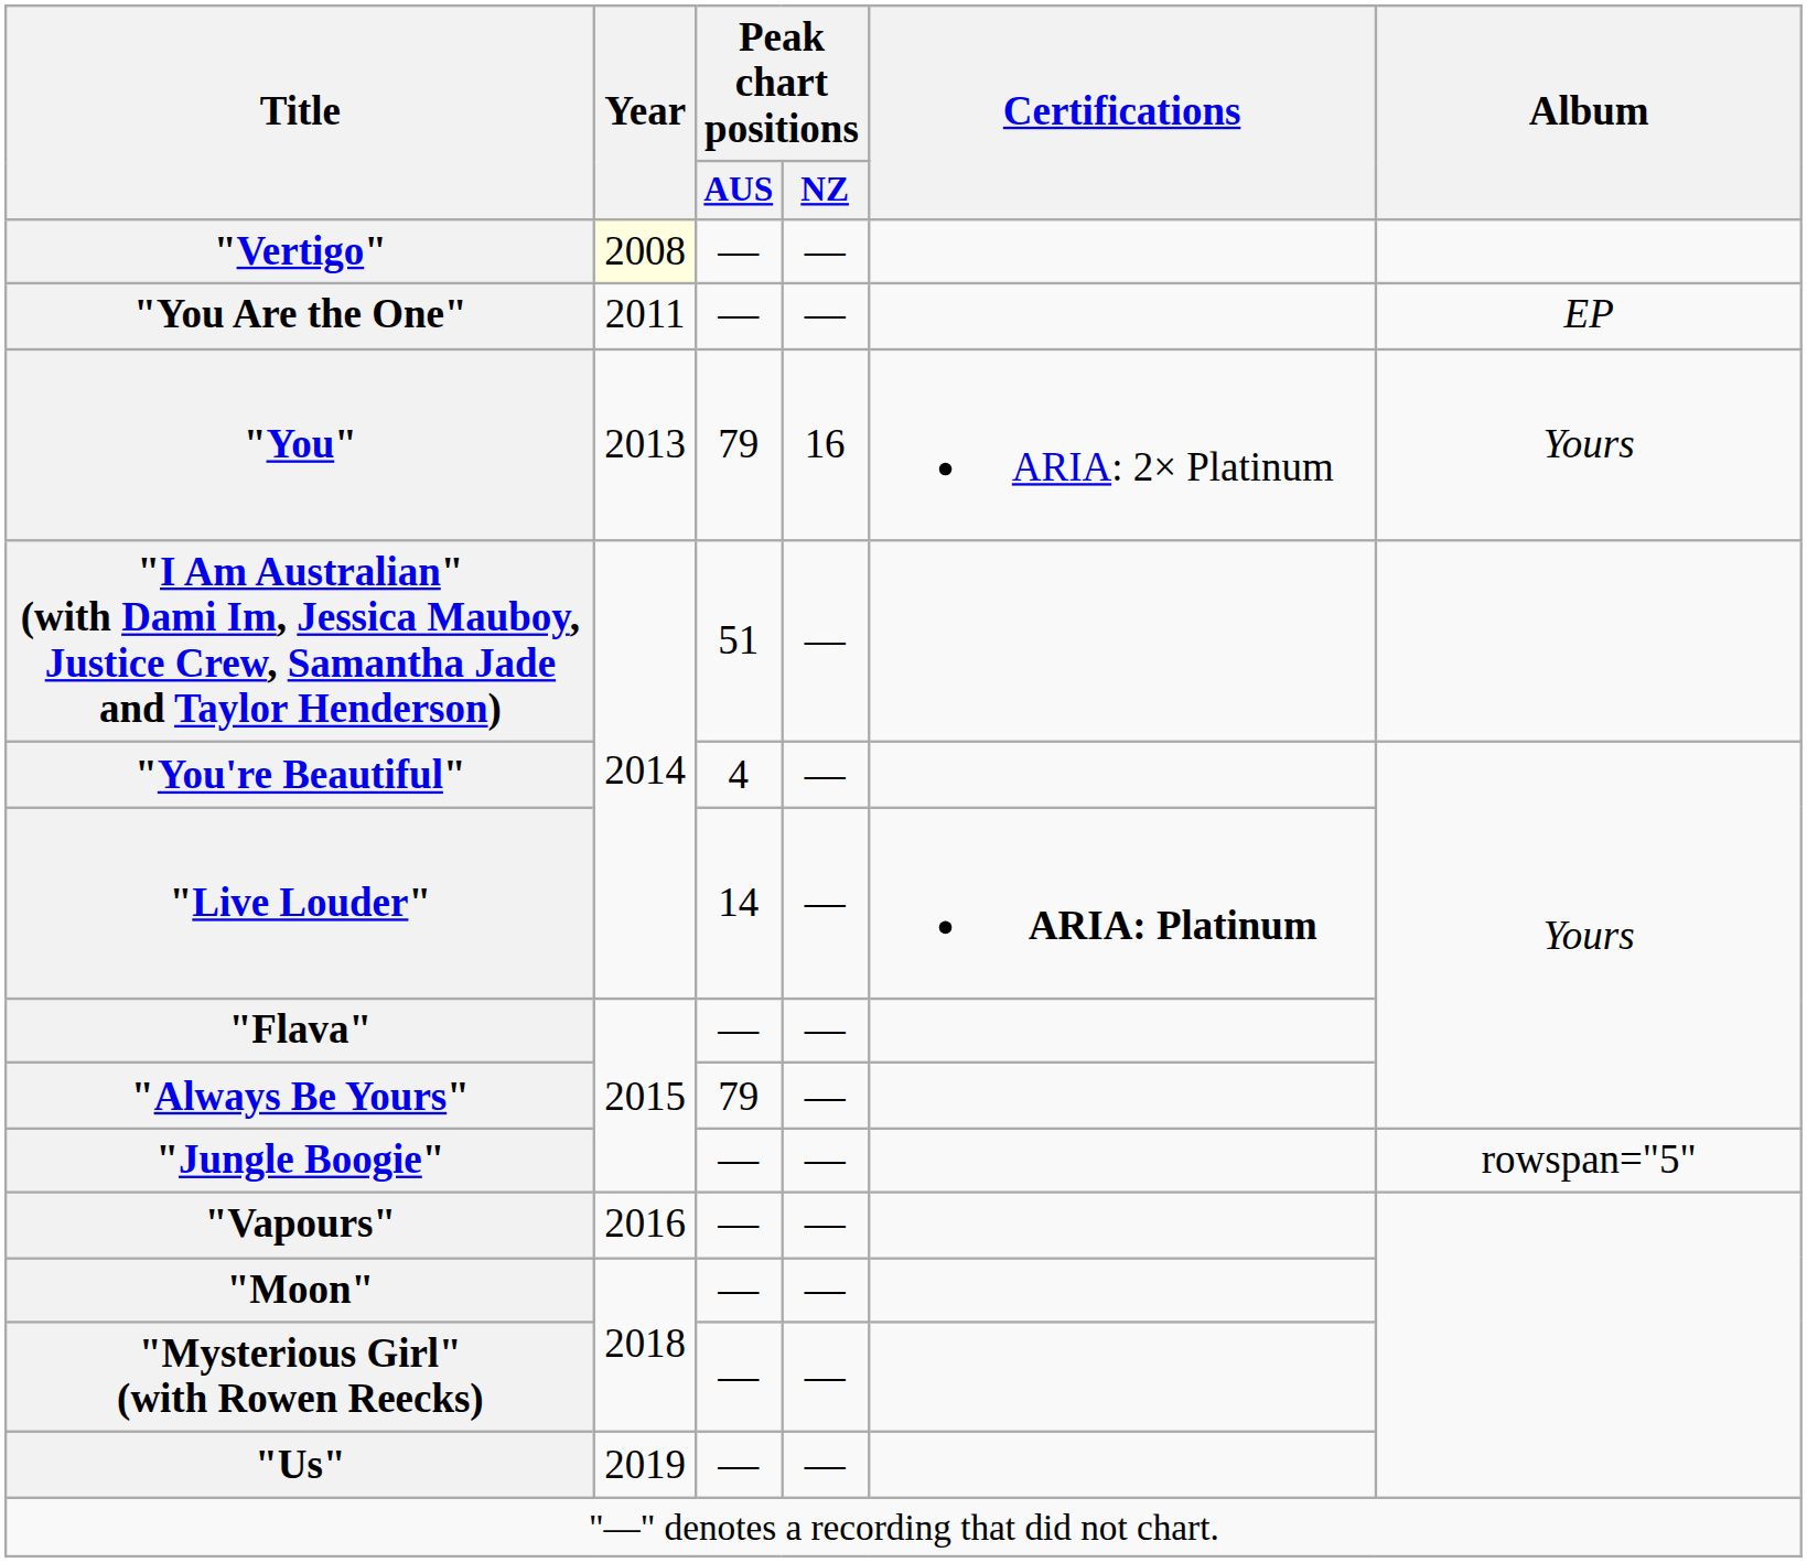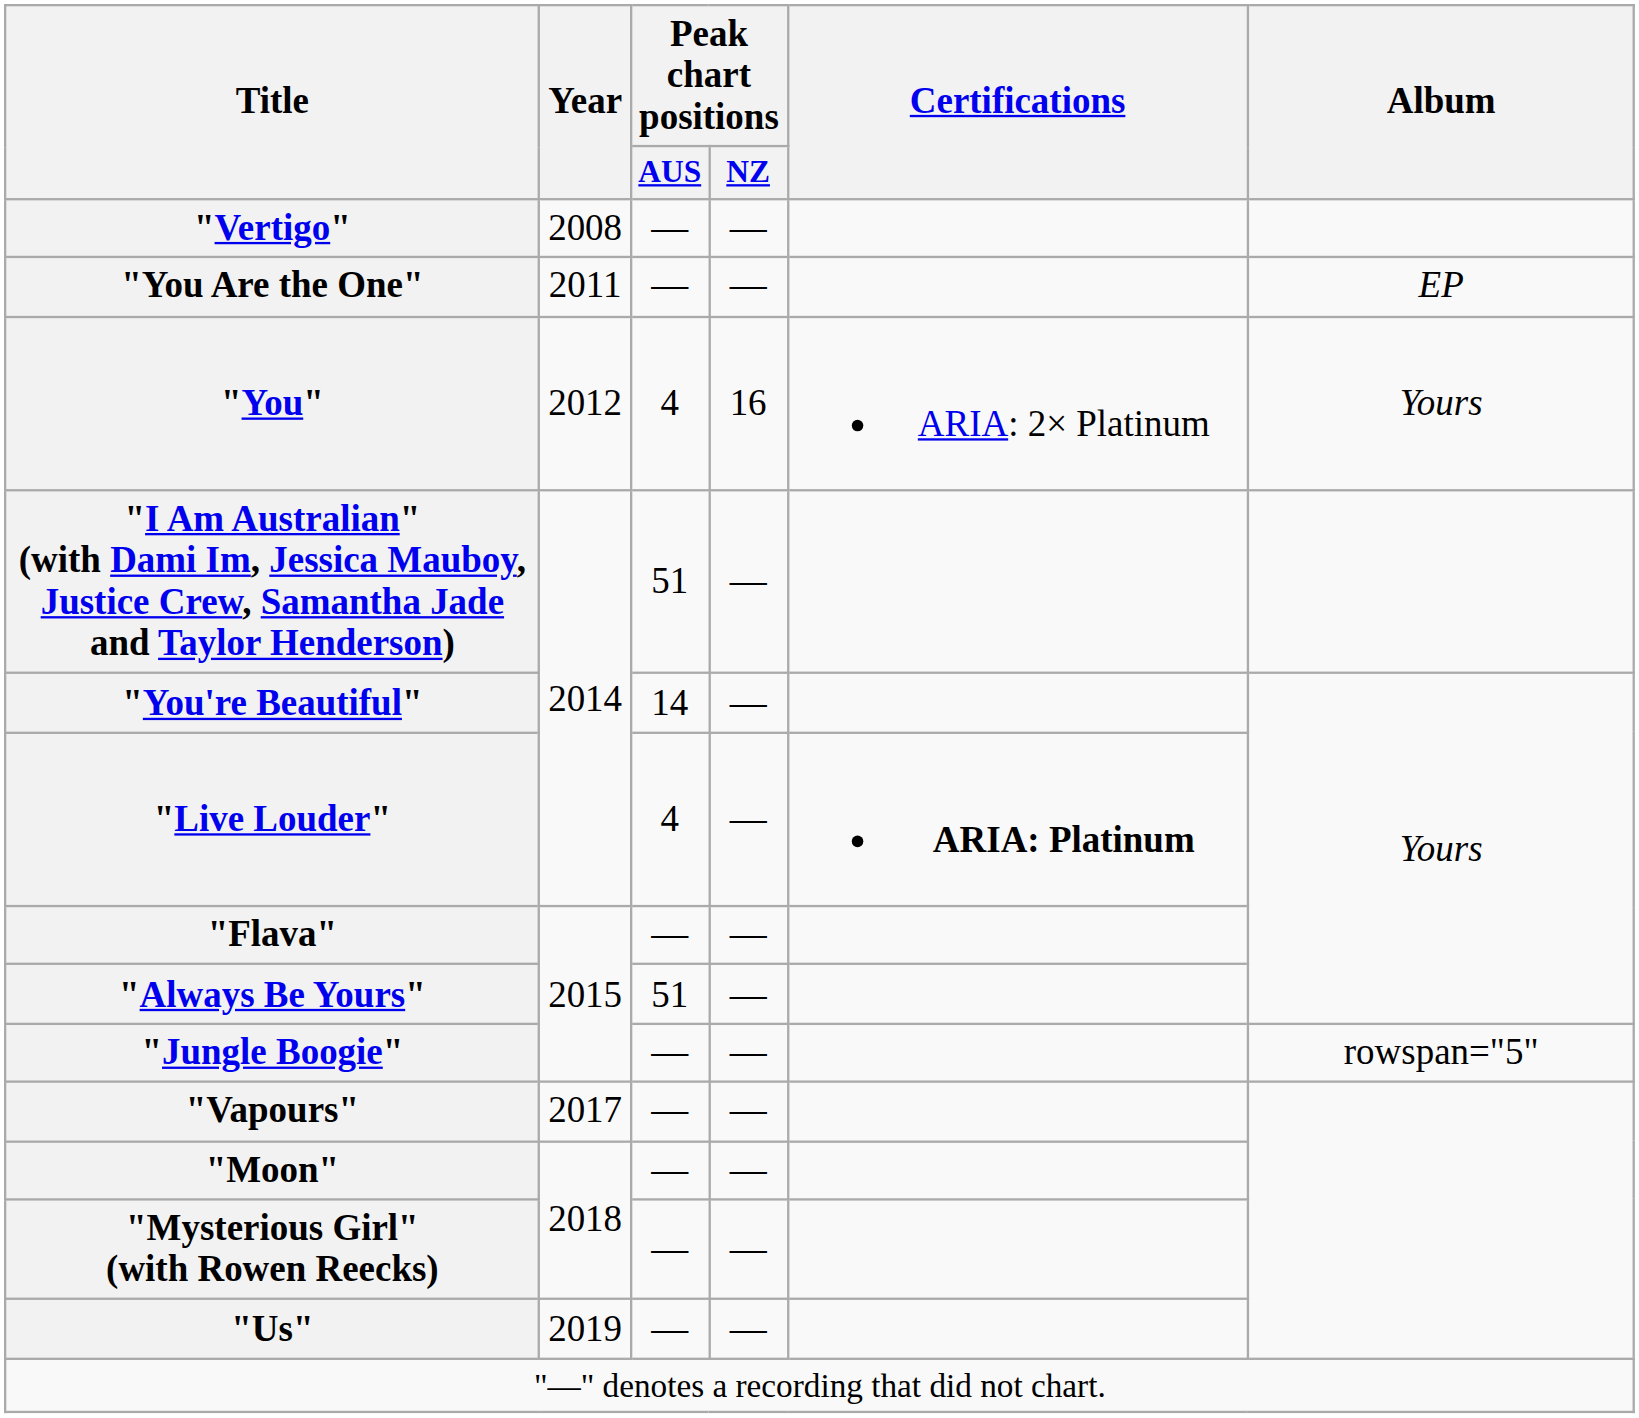 <table class="wikitable plainrowheaders" style="text-align:center;" border="1">
 <tr>
 <th scope="col" rowspan="2" style="width:14em;">Title</th>
 <th scope="col" rowspan="2" style="width:1em;">Year</th>
 <th scope="col" colspan="2">Peak chart positions</th>
 <th scope="col" rowspan="2" style="width:12em;"><a href='#'>Certifications</a></th>
 <th scope="col" rowspan="2" style="width:10em;">Album</th>
 </tr>
 <tr>
 <th scope="col" style="width:2em;font-size:85%;"><a href='#'>AUS</a><br></th>
 <th scope="col" style="width:2em;font-size:85%;"><a href='#'>NZ</a><br></th>
 </tr>
 <tr>
 <th scope="row">"<a href='#'>Vertigo</a>"</th>
-<td style="background: lightyellow;">2008</td>
+<td>2008</td>
 <td>—</td>
 <td>—</td>
 <td></td>
 <td></td>
 </tr>
 <tr>
 <th scope="row">"You Are the One"</th>
 <td>2011</td>
 <td>—</td>
 <td>—</td>
 <td></td>
 <td><em>EP</em></td>
 </tr>
 <tr>
 <th scope="row">"<a href='#'>You</a>"</th>
-<td>2013</td>
-<td>79</td>
+<td>2012</td>
+<td>4</td>
 <td>16</td>
 <td><br><ul><li><a href='#'>ARIA</a>: 2× Platinum</li></ul></td>
 <td><em>Yours</em></td>
 </tr>
 <tr>
 <th scope="row">"<a href='#'>I Am Australian</a>"<br><span>(with <a href='#'>Dami Im</a>, <a href='#'>Jessica Mauboy</a>, <a href='#'>Justice Crew</a>, <a href='#'>Samantha Jade</a> and <a href='#'>Taylor Henderson</a>)</span></th>
 <td rowspan="3">2014</td>
 <td>51</td>
 <td>—</td>
 <td></td>
 <td></td>
 </tr>
 <tr>
 <th scope="row">"<a href='#'>You're Beautiful</a>"</th>
-<td>4</td>
+<td>14</td>
 <td>—</td>
 <td></td>
 <td rowspan="4"><em>Yours</em></td>
 </tr>
 <tr>
 <th scope="row">"<a href='#'>Live Louder</a>"</th>
-<td>14</td>
+<td>4</td>
 <td>—</td>
 <td><strong><br><ul><li>ARIA: Platinum</li></ul></strong></td>
 </tr>
 <tr>
 <th scope="row">"Flava"</th>
 <td rowspan="3">2015</td>
 <td>—</td>
 <td>—</td>
 <td></td>
 </tr>
 <tr>
 <th scope="row">"<a href='#'>Always Be Yours</a>"</th>
-<td>79</td>
+<td>51</td>
 <td>—</td>
 <td></td>
 </tr>
 <tr>
 <th scope="row">"<a href='#'>Jungle Boogie</a>"</th>
 <td>—</td>
 <td>—</td>
 <td></td>
 <td>rowspan="5" </td>
 </tr>
 <tr>
 <th scope="row">"Vapours"</th>
-<td rowspan="1">2016</td>
+<td rowspan="1">2017</td>
 <td>—</td>
 <td>—</td>
 <td></td>
 </tr>
 <tr>
 <th scope="row">"Moon"</th>
 <td rowspan="2">2018</td>
 <td>—</td>
 <td>—</td>
 <td></td>
 </tr>
 <tr>
 <th scope="row">"Mysterious Girl"<br><span>(with Rowen Reecks)</span></th>
 <td>—</td>
 <td>—</td>
 <td></td>
 </tr>
 <tr>
 <th scope="row">"Us"</th>
 <td>2019</td>
 <td>—</td>
 <td>—</td>
 <td></td>
 </tr>
 <tr>
 <td colspan="9" style="font-size:90%">"—" denotes a recording that did not chart.</td>
 </tr>
 </table>
